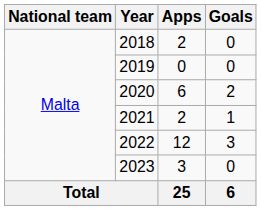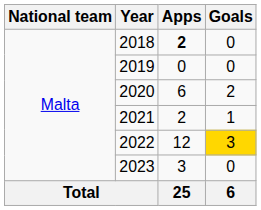 <table class="wikitable" style="text-align:center">
 <tr>
 <th>National team</th>
 <th>Year</th>
 <th>Apps</th>
 <th>Goals</th>
 </tr>
 <tr>
 <td rowspan="6"><a href='#'>Malta</a></td>
 <td>2018</td>
-<td>2</td>
+<td><strong>2</strong></td>
 <td>0</td>
 </tr>
 <tr>
 <td>2019</td>
 <td>0</td>
 <td>0</td>
 </tr>
 <tr>
 <td>2020</td>
 <td>6</td>
 <td>2</td>
 </tr>
 <tr>
 <td>2021</td>
 <td>2</td>
 <td>1</td>
 </tr>
 <tr>
 <td>2022</td>
 <td>12</td>
-<td>3</td>
+<td style="background: gold;">3</td>
 </tr>
 <tr>
 <td>2023</td>
 <td>3</td>
 <td>0</td>
 </tr>
 <tr>
 <th colspan="2">Total</th>
 <th>25</th>
 <th>6</th>
 </tr>
 </table>
